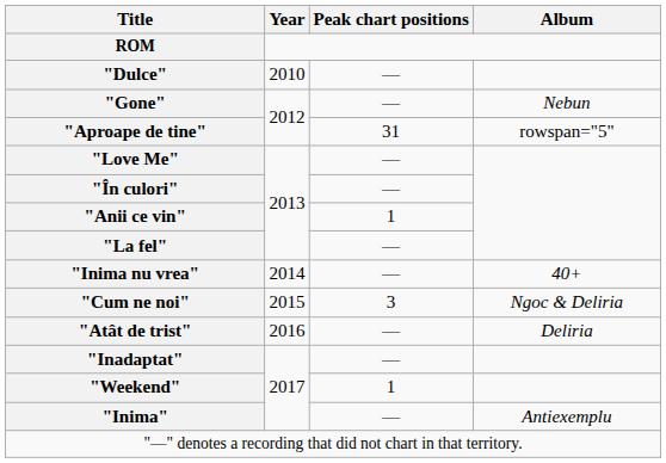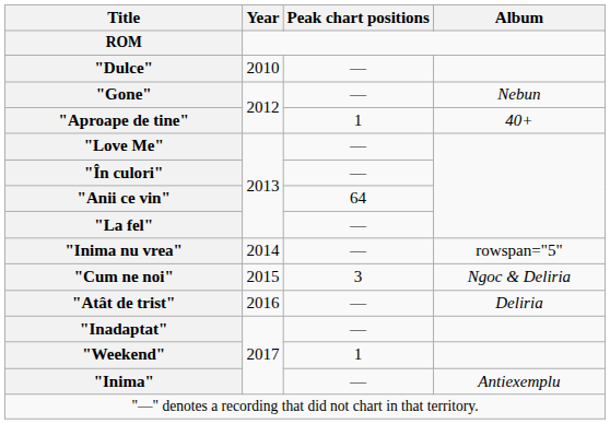 <table class="wikitable plainrowheaders" style="text-align:center;">
 <tr>
 <th scope="col" rowspan="2" style="width:14em;">Title</th>
 <th scope="col" rowspan="2" style="width:1em;">Year</th>
 <th colspan="1" scope="col">Peak chart positions</th>
 <th scope="col" rowspan="2" style="width:10em;">Album</th>
 </tr>
 <tr>
 </tr>
 <tr>
 <th scope="col" style="width:2.5em;font-size:90%;">ROM<br></th>
 </tr>
 <tr>
 <th scope="row">"Dulce"<br></th>
 <td>2010</td>
 <td>—</td>
 <td></td>
 </tr>
 <tr>
 <th scope="row">"Gone"<br></th>
 <td rowspan="2">2012</td>
 <td>—</td>
 <td><em>Nebun</em></td>
 </tr>
 <tr>
 <th scope="row">"Aproape de tine"<br></th>
-<td>31</td>
-<td>rowspan="5" </td>
+<td>1</td>
+<td><em>40+</em></td>
 </tr>
 <tr>
 <th scope="row">"Love Me"<br></th>
 <td rowspan="4">2013</td>
 <td>—</td>
 </tr>
 <tr>
 <th scope="row">"În culori"<br></th>
 <td>—</td>
 </tr>
 <tr>
 <th scope="row">"Anii ce vin"<br></th>
-<td>1</td>
+<td>64</td>
 </tr>
 <tr>
 <th scope="row">"La fel"<br></th>
 <td>—</td>
 </tr>
 <tr>
 <th scope="row">"Inima nu vrea"<br></th>
 <td>2014</td>
 <td>—</td>
-<td><em>40+</em></td>
+<td>rowspan="5" </td>
 </tr>
 <tr>
 <th scope="row">"Cum ne noi"<br></th>
 <td>2015</td>
 <td>3</td>
 <td><em>Ngoc & Deliria</em></td>
 </tr>
 <tr>
 <th scope="row">"Atât de trist"<br></th>
 <td>2016</td>
 <td>—</td>
 <td><em>Deliria</em></td>
 </tr>
 <tr>
 <th scope="row">"Inadaptat"<br></th>
 <td rowspan="3">2017</td>
 <td>—</td>
 <td></td>
 </tr>
 <tr>
 <th scope="row">"Weekend"<br></th>
 <td>1</td>
 <td></td>
 </tr>
 <tr>
 <th scope="row">"Inima"<br></th>
 <td>—</td>
 <td><em>Antiexemplu</em></td>
 </tr>
 <tr>
 <td colspan="18" style="font-size:90%">"—" denotes a recording that did not chart in that territory.</td>
 </tr>
 </table>
